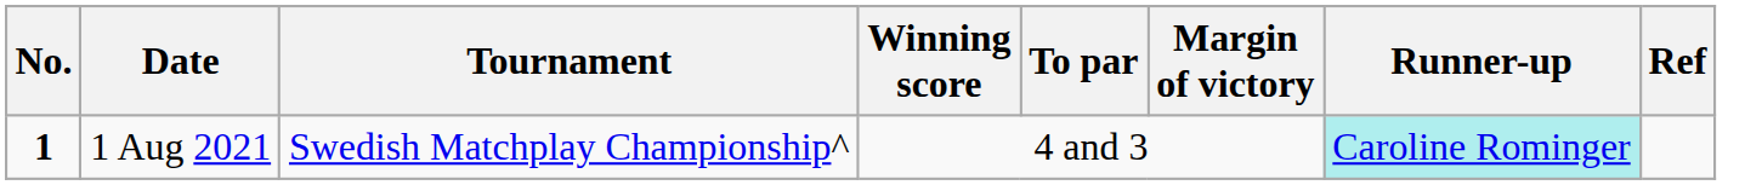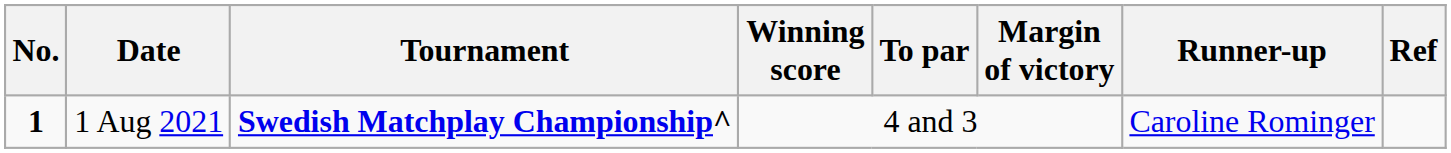 <table class="wikitable" style="font-size:95%;">
 <tr>
 <th>No.</th>
 <th>Date</th>
 <th>Tournament</th>
 <th>Winning<br>score</th>
 <th>To par</th>
 <th>Margin<br>of victory</th>
 <th>Runner-up</th>
 <th>Ref</th>
 </tr>
 <tr>
 <td align=center><strong>1</strong></td>
 <td align=right>1 Aug <a href='#'>2021</a></td>
-<td><a href='#'>Swedish Matchplay Championship</a>^</td>
+<td><strong><a href='#'>Swedish Matchplay Championship</a>^</strong></td>
 <td colspan=3 align=center>4 and 3</td>
-<td style="background: paleturquoise;"> <a href='#'>Caroline Rominger</a></td>
+<td> <a href='#'>Caroline Rominger</a></td>
 <td></td>
 </tr>
 </table>
